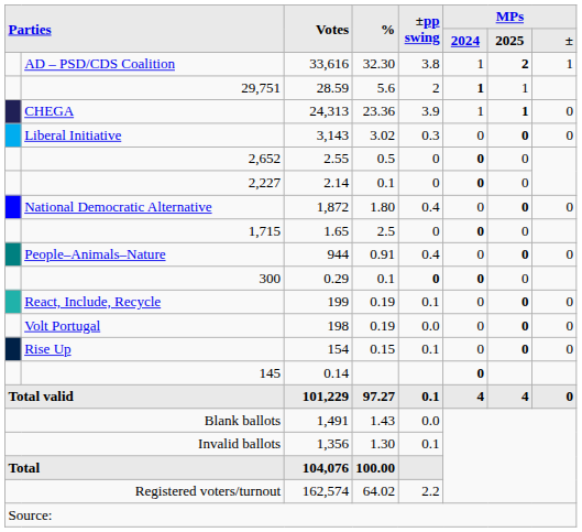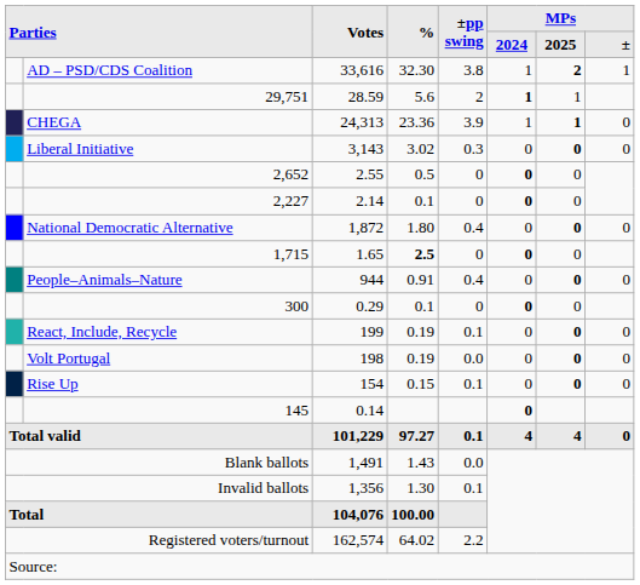 <table class="wikitable" style="text-align:right; font-size:95%;">
 <tr>
 <th rowspan="2" colspan="2" style="background:#e9e9e9; text-align:left;" alignleft><a href='#'>Parties</a></th>
 <th rowspan="2" style="background:#e9e9e9; text-align:right;">Votes</th>
 <th rowspan="2" style="background:#e9e9e9; text-align:right;">%</th>
 <th rowspan="2" style="background:#e9e9e9; text-align:right;">±<a href='#'>pp</a> <a href='#'>swing</a></th>
 <th colspan="3" style="background:#e9e9e9; text-align:center;"><a href='#'>MPs</a></th>
 </tr>
 <tr style="background-color:#E9E9E9">
 <th style="background-color:#E9E9E9;text-align:center;"><a href='#'>2024</a></th>
 <th style="background-color:#E9E9E9;text-align:center;">2025</th>
 <th style="background:#e9e9e9; text-align:right;">±</th>
 </tr>
 <tr>
 <td style="width: 10px" bgcolor=></td>
 <td align="left"><a href='#'>AD – PSD/CDS Coalition</a> </td>
 <td>33,616</td>
 <td>32.30</td>
 <td>3.8</td>
 <td>1</td>
 <td><strong>2</strong></td>
 <td>1</td>
 </tr>
 <tr>
 <td></td>
 <td>29,751</td>
 <td>28.59</td>
 <td>5.6</td>
 <td>2</td>
 <td><strong>1</strong></td>
 <td>1</td>
 </tr>
 <tr>
 <td style="width: 10px" bgcolor="#202056" align="center"></td>
 <td align="left"><a href='#'>CHEGA</a></td>
 <td>24,313</td>
 <td>23.36</td>
 <td>3.9</td>
 <td>1</td>
 <td><strong>1</strong></td>
 <td>0</td>
 </tr>
 <tr>
 <td style="width: 10px" bgcolor="#00ADEF" align="center"></td>
 <td align="left"><a href='#'>Liberal Initiative</a></td>
 <td>3,143</td>
 <td>3.02</td>
 <td>0.3</td>
 <td>0</td>
 <td><strong>0</strong></td>
 <td>0</td>
 </tr>
 <tr>
 <td></td>
 <td>2,652</td>
 <td>2.55</td>
 <td>0.5</td>
 <td>0</td>
 <td><strong>0</strong></td>
 <td>0</td>
 </tr>
 <tr>
 <td></td>
 <td>2,227</td>
 <td>2.14</td>
 <td>0.1</td>
 <td>0</td>
 <td><strong>0</strong></td>
 <td>0</td>
 </tr>
 <tr>
 <td style="width: 10px" bgcolor="blue" align="center"></td>
 <td align="left"><a href='#'>National Democratic Alternative</a></td>
 <td>1,872</td>
 <td>1.80</td>
 <td>0.4</td>
 <td>0</td>
 <td><strong>0</strong></td>
 <td>0</td>
 </tr>
 <tr>
 <td></td>
 <td>1,715</td>
 <td>1.65</td>
-<td>2.5</td>
+<td><strong>2.5</strong></td>
 <td>0</td>
 <td><strong>0</strong></td>
 <td>0</td>
 </tr>
 <tr>
 <td style="width: 10px" bgcolor="teal" align="center"></td>
 <td align="left"><a href='#'>People–Animals–Nature</a></td>
 <td>944</td>
 <td>0.91</td>
 <td>0.4</td>
 <td>0</td>
 <td><strong>0</strong></td>
 <td>0</td>
 </tr>
 <tr>
 <td></td>
 <td>300</td>
 <td>0.29</td>
 <td>0.1</td>
-<td><strong>0</strong></td>
+<td>0</td>
 <td><strong>0</strong></td>
 <td>0</td>
 </tr>
 <tr>
 <td style="width: 10px" bgcolor="LightSeaGreen" align="center"></td>
 <td align="left"><a href='#'>React, Include, Recycle</a></td>
 <td>199</td>
 <td>0.19</td>
 <td>0.1</td>
 <td>0</td>
 <td><strong>0</strong></td>
 <td>0</td>
 </tr>
 <tr>
 <td style="width: 10px"></td>
 <td align="left"><a href='#'>Volt Portugal</a></td>
 <td>198</td>
 <td>0.19</td>
 <td>0.0</td>
 <td>0</td>
 <td><strong>0</strong></td>
 <td>0</td>
 </tr>
 <tr>
 <td style="width: 10px" bgcolor="#002147" align="center"></td>
 <td align="left"><a href='#'>Rise Up</a></td>
 <td>154</td>
 <td>0.15</td>
 <td>0.1</td>
 <td>0</td>
 <td><strong>0</strong></td>
 <td>0</td>
 </tr>
 <tr>
 <td></td>
 <td>145</td>
 <td>0.14</td>
 <td></td>
 <td></td>
 <td><strong>0</strong></td>
 <td></td>
 </tr>
 <tr>
 <td colspan=2 width="288" align=left style="background-color:#E9E9E9"><strong>Total valid</strong></td>
 <td width="65" align="right" style="background-color:#E9E9E9"><strong>101,229</strong></td>
 <td width="40" align="right" style="background-color:#E9E9E9"><strong>97.27</strong></td>
 <td width="40" align="right" style="background-color:#E9E9E9"><strong>0.1</strong></td>
 <td width="40" align="right" style="background-color:#E9E9E9"><strong>4</strong></td>
 <td width="40" align="right" style="background-color:#E9E9E9"><strong>4</strong></td>
 <td width="40" align="right" style="background-color:#E9E9E9"><strong>0</strong></td>
 </tr>
 <tr>
 <td colspan=2>Blank ballots</td>
 <td>1,491</td>
 <td>1.43</td>
 <td>0.0</td>
 <td colspan=3 rowspan=4></td>
 </tr>
 <tr>
 <td colspan=2>Invalid ballots</td>
 <td>1,356</td>
 <td>1.30</td>
 <td>0.1</td>
 </tr>
 <tr>
 <td colspan=2 align=left style="background-color:#E9E9E9"><strong>Total</strong></td>
 <td width="50" align="right" style="background-color:#E9E9E9"><strong>104,076</strong></td>
 <td width="40" align="right" style="background-color:#E9E9E9"><strong>100.00</strong></td>
 <td width="40" align="right" style="background-color:#E9E9E9"></td>
 </tr>
 <tr>
 <td colspan=2>Registered voters/turnout</td>
 <td>162,574</td>
 <td>64.02</td>
 <td>2.2</td>
 </tr>
 <tr>
 <td colspan=8 align=left>Source: </td>
 </tr>
 </table>
